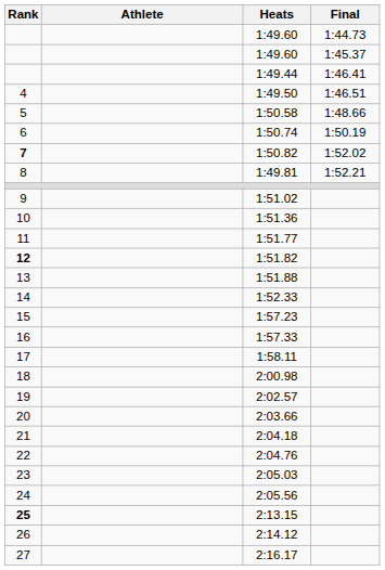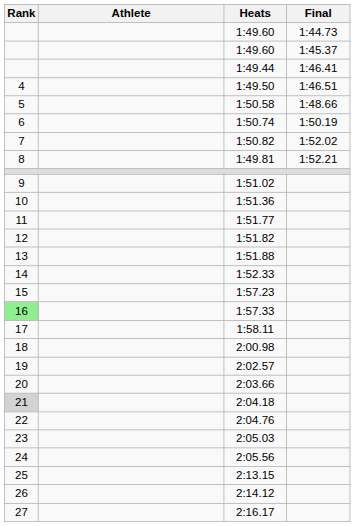 <table class=wikitable style="text-align:center">
 <tr>
 <th width=40>Rank</th>
 <th width=250>Athlete</th>
 <th width=80>Heats</th>
 <th width=80>Final</th>
 </tr>
 <tr>
 <td></td>
 <td align=left></td>
 <td>1:49.60</td>
 <td>1:44.73</td>
 </tr>
 <tr>
 <td></td>
 <td align=left></td>
 <td>1:49.60</td>
 <td>1:45.37</td>
 </tr>
 <tr>
 <td></td>
 <td align=left></td>
 <td>1:49.44</td>
 <td>1:46.41</td>
 </tr>
 <tr>
 <td>4</td>
 <td align=left></td>
 <td>1:49.50</td>
 <td>1:46.51</td>
 </tr>
 <tr>
 <td>5</td>
 <td align=left></td>
 <td>1:50.58</td>
 <td>1:48.66</td>
 </tr>
 <tr>
 <td>6</td>
 <td align=left></td>
 <td>1:50.74</td>
 <td>1:50.19</td>
 </tr>
 <tr>
-<td><strong>7</strong></td>
+<td>7</td>
 <td align=left></td>
 <td>1:50.82</td>
 <td>1:52.02</td>
 </tr>
 <tr>
 <td>8</td>
 <td align=left></td>
 <td>1:49.81</td>
 <td>1:52.21</td>
 </tr>
 <tr bgcolor=#DDDDDD>
 <td colspan=4></td>
 </tr>
 <tr>
 <td>9</td>
 <td align=left></td>
 <td>1:51.02</td>
 <td></td>
 </tr>
 <tr>
 <td>10</td>
 <td align=left></td>
 <td>1:51.36</td>
 <td></td>
 </tr>
 <tr>
 <td>11</td>
 <td align=left></td>
 <td>1:51.77</td>
 <td></td>
 </tr>
 <tr>
-<td><strong>12</strong></td>
+<td>12</td>
 <td align=left></td>
 <td>1:51.82</td>
 <td></td>
 </tr>
 <tr>
 <td>13</td>
 <td align=left></td>
 <td>1:51.88</td>
 <td></td>
 </tr>
 <tr>
 <td>14</td>
 <td align=left></td>
 <td>1:52.33</td>
 <td></td>
 </tr>
 <tr>
 <td>15</td>
 <td align=left></td>
 <td>1:57.23</td>
 <td></td>
 </tr>
 <tr>
-<td>16</td>
+<td style="background: lightgreen;">16</td>
 <td align=left></td>
 <td>1:57.33</td>
 <td></td>
 </tr>
 <tr>
 <td>17</td>
 <td align=left></td>
 <td>1:58.11</td>
 <td></td>
 </tr>
 <tr>
 <td>18</td>
 <td align=left></td>
 <td>2:00.98</td>
 <td></td>
 </tr>
 <tr>
 <td>19</td>
 <td align=left></td>
 <td>2:02.57</td>
 <td></td>
 </tr>
 <tr>
 <td>20</td>
 <td align=left></td>
 <td>2:03.66</td>
 <td></td>
 </tr>
 <tr>
-<td>21</td>
+<td style="background: lightgrey;">21</td>
 <td align=left></td>
 <td>2:04.18</td>
 <td></td>
 </tr>
 <tr>
 <td>22</td>
 <td align=left></td>
 <td>2:04.76</td>
 <td></td>
 </tr>
 <tr>
 <td>23</td>
 <td align=left></td>
 <td>2:05.03</td>
 <td></td>
 </tr>
 <tr>
 <td>24</td>
 <td align=left></td>
 <td>2:05.56</td>
 <td></td>
 </tr>
 <tr>
-<td><strong>25</strong></td>
+<td>25</td>
 <td align=left></td>
 <td>2:13.15</td>
 <td></td>
 </tr>
 <tr>
 <td>26</td>
 <td align=left></td>
 <td>2:14.12</td>
 <td></td>
 </tr>
 <tr>
 <td>27</td>
 <td align=left></td>
 <td>2:16.17</td>
 <td></td>
 </tr>
 </table>
